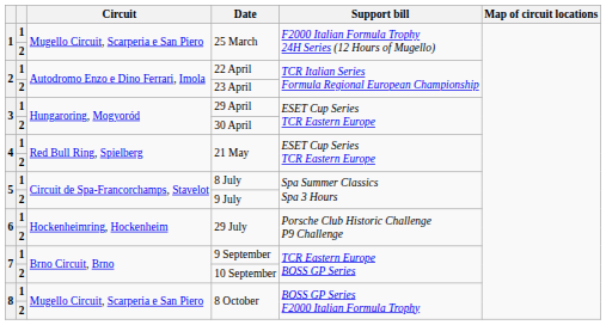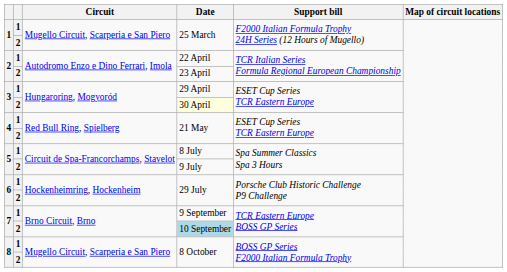 <table class="wikitable" style="font-size: 85%">
 <tr>
 <th></th>
 <th></th>
 <th>Circuit</th>
 <th>Date</th>
 <th>Support bill</th>
 <th>Map of circuit locations</th>
 </tr>
 <tr>
 <th rowspan="2">1</th>
 <th>1</th>
 <td rowspan="2"> <a href='#'>Mugello Circuit</a>, <a href='#'>Scarperia e San Piero</a></td>
 <td rowspan="2">25 March</td>
 <td rowspan="2"><em><a href='#'>F2000 Italian Formula Trophy</a><br><a href='#'>24H Series</a> (12 Hours of Mugello)</em></td>
 <td rowspan="16"></td>
 </tr>
 <tr>
 <th>2</th>
 </tr>
 <tr>
 <th rowspan="2">2</th>
 <th>1</th>
 <td rowspan="2"> <a href='#'>Autodromo Enzo e Dino Ferrari</a>, <a href='#'>Imola</a></td>
 <td>22 April</td>
 <td rowspan="2"><em><a href='#'>TCR Italian Series</a></em><br><a href='#'><em>Formula Regional European Championship</em></a></td>
 </tr>
 <tr>
 <th>2</th>
 <td>23 April</td>
 </tr>
 <tr>
 <th rowspan="2">3</th>
 <th>1</th>
 <td rowspan="2"> <a href='#'>Hungaroring</a>, <a href='#'>Mogyoród</a></td>
 <td>29 April</td>
 <td rowspan="2"><em>ESET Cup Series<br><a href='#'>TCR Eastern Europe</a></em></td>
 </tr>
 <tr>
 <th>2</th>
-<td>30 April</td>
+<td style="background: lightyellow;">30 April</td>
 </tr>
 <tr>
 <th rowspan="2">4</th>
 <th>1</th>
 <td rowspan="2"> <a href='#'>Red Bull Ring</a>, <a href='#'>Spielberg</a></td>
 <td rowspan="2">21 May</td>
 <td rowspan="2"><em>ESET Cup Series<br><a href='#'>TCR Eastern Europe</a></em></td>
 </tr>
 <tr>
 <th>2</th>
 </tr>
 <tr>
 <th rowspan="2">5</th>
 <th>1</th>
 <td rowspan="2"> <a href='#'>Circuit de Spa-Francorchamps</a>, <a href='#'>Stavelot</a></td>
 <td>8 July</td>
 <td rowspan="2"><em>Spa Summer Classics<br>Spa 3 Hours</em></td>
 </tr>
 <tr>
 <th>2</th>
 <td>9 July</td>
 </tr>
 <tr>
 <th rowspan="2">6</th>
 <th>1</th>
 <td rowspan="2"> <a href='#'>Hockenheimring</a>, <a href='#'>Hockenheim</a></td>
 <td rowspan="2">29 July</td>
 <td rowspan="2"><em>Porsche Club Historic Challenge<br>P9 Challenge</em></td>
 </tr>
 <tr>
 <th>2</th>
 </tr>
 <tr>
 <th rowspan="2">7</th>
 <th>1</th>
 <td rowspan="2"> <a href='#'>Brno Circuit</a>, <a href='#'>Brno</a></td>
 <td>9 September</td>
 <td rowspan="2"><em><a href='#'>TCR Eastern Europe</a><br><a href='#'>BOSS GP Series</a></em></td>
 </tr>
 <tr>
 <th>2</th>
-<td>10 September</td>
+<td style="background: lightblue;">10 September</td>
 </tr>
 <tr>
 <th rowspan="2">8</th>
 <th>1</th>
 <td rowspan="2"> <a href='#'>Mugello Circuit</a>, <a href='#'>Scarperia e San Piero</a></td>
 <td rowspan="2">8 October</td>
 <td rowspan="2"><em><a href='#'>BOSS GP Series</a><br><a href='#'>F2000 Italian Formula Trophy</a></em></td>
 </tr>
 <tr>
 <th>2</th>
 </tr>
 </table>
